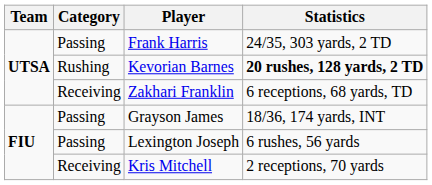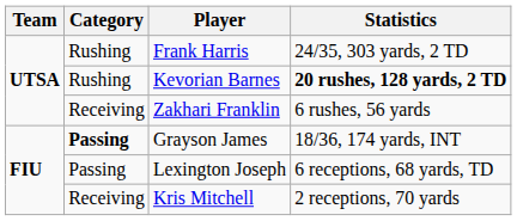 <table class="wikitable" style="float: left;">
 <tr>
 <th>Team</th>
 <th>Category</th>
 <th>Player</th>
 <th>Statistics</th>
 </tr>
 <tr>
 <td rowspan=3><strong>UTSA</strong></td>
-<td>Passing</td>
+<td>Rushing</td>
 <td><a href='#'>Frank Harris</a></td>
 <td>24/35, 303 yards, 2 TD</td>
 </tr>
 <tr>
 <td>Rushing</td>
 <td><a href='#'>Kevorian Barnes</a></td>
 <td><strong>20 rushes, 128 yards, 2 TD</strong></td>
 </tr>
 <tr>
 <td>Receiving</td>
 <td><a href='#'>Zakhari Franklin</a></td>
-<td>6 receptions, 68 yards, TD</td>
+<td>6 rushes, 56 yards</td>
 </tr>
 <tr>
 <td rowspan=3><strong>FIU</strong></td>
-<td>Passing</td>
+<td><strong>Passing</strong></td>
 <td>Grayson James</td>
 <td>18/36, 174 yards, INT</td>
 </tr>
 <tr>
 <td>Passing</td>
 <td>Lexington Joseph</td>
-<td>6 rushes, 56 yards</td>
+<td>6 receptions, 68 yards, TD</td>
 </tr>
 <tr>
 <td>Receiving</td>
 <td><a href='#'>Kris Mitchell</a></td>
 <td>2 receptions, 70 yards</td>
 </tr>
 </table>
